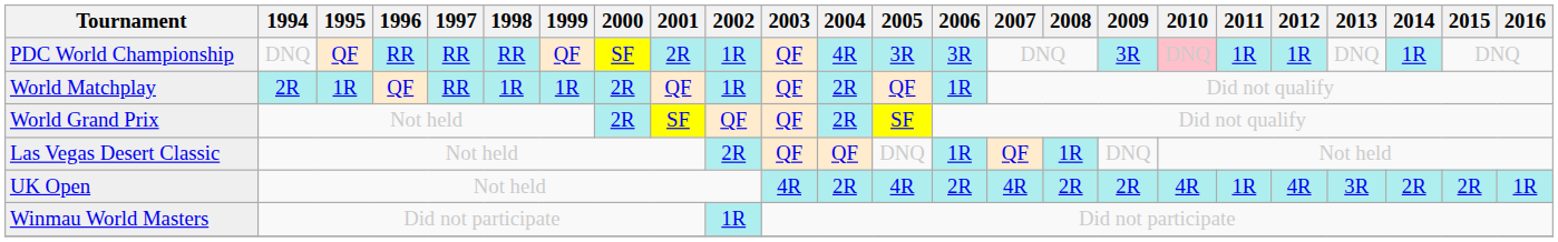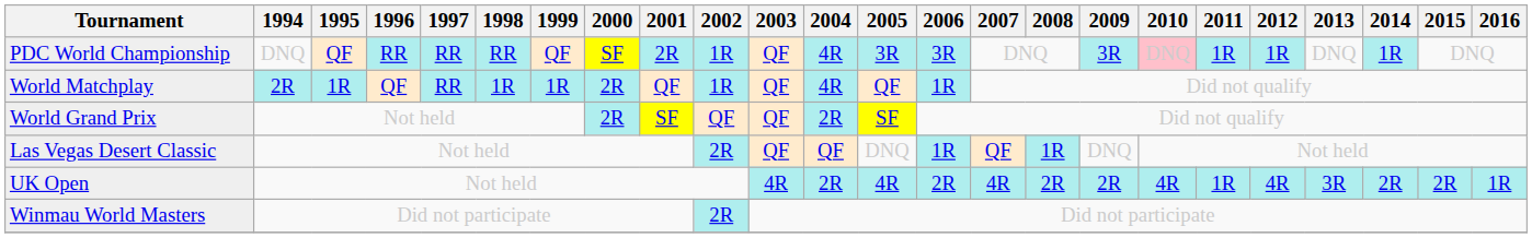 <table class="wikitable" style="width:75%; margin:0">
 <tr>
 <th>Tournament</th>
 <th>1994</th>
 <th>1995</th>
 <th>1996</th>
 <th>1997</th>
 <th>1998</th>
 <th>1999</th>
 <th>2000</th>
 <th>2001</th>
 <th>2002</th>
 <th>2003</th>
 <th>2004</th>
 <th>2005</th>
 <th>2006</th>
 <th>2007</th>
 <th>2008</th>
 <th>2009</th>
 <th>2010</th>
 <th>2011</th>
 <th>2012</th>
 <th>2013</th>
 <th>2014</th>
 <th>2015</th>
 <th>2016</th>
 </tr>
 <tr>
 <td style="background:#efefef;"><a href='#'>PDC World Championship</a></td>
 <td style="text-align:center; color:#ccc;">DNQ</td>
 <td style="text-align:center; background:#ffebcd;"><a href='#'>QF</a></td>
 <td style="text-align:center; background:#afeeee;"><a href='#'>RR</a></td>
 <td style="text-align:center; background:#afeeee;"><a href='#'>RR</a></td>
 <td style="text-align:center; background:#afeeee;"><a href='#'>RR</a></td>
 <td style="text-align:center; background:#ffebcd;"><a href='#'>QF</a></td>
 <td style="text-align:center; background:yellow;"><a href='#'>SF</a></td>
 <td style="text-align:center; background:#afeeee;"><a href='#'>2R</a></td>
 <td style="text-align:center; background:#afeeee;"><a href='#'>1R</a></td>
 <td style="text-align:center; background:#ffebcd;"><a href='#'>QF</a></td>
 <td style="text-align:center; background:#afeeee;"><a href='#'>4R</a></td>
 <td style="text-align:center; background:#afeeee;"><a href='#'>3R</a></td>
 <td style="text-align:center; background:#afeeee;"><a href='#'>3R</a></td>
 <td colspan="2" style="text-align:center; color:#ccc;">DNQ</td>
 <td style="text-align:center; background:#afeeee;"><a href='#'>3R</a></td>
 <td style="background: pink; text-align:center; color:#ccc;">DNQ</td>
 <td style="text-align:center; background:#afeeee;"><a href='#'>1R</a></td>
 <td style="text-align:center; background:#afeeee;"><a href='#'>1R</a></td>
 <td style="text-align:center; color:#ccc;">DNQ</td>
 <td style="text-align:center; background:#afeeee;"><a href='#'>1R</a></td>
 <td colspan="2" style="text-align:center; color:#ccc;">DNQ</td>
 </tr>
 <tr>
 <td style="background:#efefef;"><a href='#'>World Matchplay</a></td>
 <td style="text-align:center; background:#afeeee;"><a href='#'>2R</a></td>
 <td style="text-align:center; background:#afeeee;"><a href='#'>1R</a></td>
 <td style="text-align:center; background:#ffebcd;"><a href='#'>QF</a></td>
 <td style="text-align:center; background:#afeeee;"><a href='#'>RR</a></td>
 <td style="text-align:center; background:#afeeee;"><a href='#'>1R</a></td>
 <td style="text-align:center; background:#afeeee;"><a href='#'>1R</a></td>
 <td style="text-align:center; background:#afeeee;"><a href='#'>2R</a></td>
 <td style="text-align:center; background:#ffebcd;"><a href='#'>QF</a></td>
 <td style="text-align:center; background:#afeeee;"><a href='#'>1R</a></td>
 <td style="text-align:center; background:#ffebcd;"><a href='#'>QF</a></td>
-<td style="text-align:center; background:#afeeee;"><a href='#'>2R</a></td>
+<td style="text-align:center; background:#afeeee;"><a href='#'>4R</a></td>
 <td style="text-align:center; background:#ffebcd;"><a href='#'>QF</a></td>
 <td style="text-align:center; background:#afeeee;"><a href='#'>1R</a></td>
 <td colspan="10" style="text-align:center; color:#ccc;">Did not qualify</td>
 </tr>
 <tr>
 <td style="background:#efefef;"><a href='#'>World Grand Prix</a></td>
 <td colspan="6" style="text-align:center; color:#ccc;">Not held</td>
 <td style="text-align:center; background:#afeeee;"><a href='#'>2R</a></td>
 <td style="text-align:center; background:yellow;"><a href='#'>SF</a></td>
 <td style="text-align:center; background:#ffebcd;"><a href='#'>QF</a></td>
 <td style="text-align:center; background:#ffebcd;"><a href='#'>QF</a></td>
 <td style="text-align:center; background:#afeeee;"><a href='#'>2R</a></td>
 <td style="text-align:center; background:yellow;"><a href='#'>SF</a></td>
 <td colspan="11" style="text-align:center; color:#ccc;">Did not qualify</td>
 </tr>
 <tr>
 <td style="background:#efefef;"><a href='#'>Las Vegas Desert Classic</a></td>
 <td colspan="8" style="text-align:center; color:#ccc;">Not held</td>
 <td style="text-align:center; background:#afeeee;"><a href='#'>2R</a></td>
 <td style="text-align:center; background:#ffebcd;"><a href='#'>QF</a></td>
 <td style="text-align:center; background:#ffebcd;"><a href='#'>QF</a></td>
 <td style="text-align:center; color:#ccc;">DNQ</td>
 <td style="text-align:center; background:#afeeee;"><a href='#'>1R</a></td>
 <td style="text-align:center; background:#ffebcd;"><a href='#'>QF</a></td>
 <td style="text-align:center; background:#afeeee;"><a href='#'>1R</a></td>
 <td style="text-align:center; color:#ccc;">DNQ</td>
 <td colspan="7" style="text-align:center; color:#ccc;">Not held</td>
 </tr>
 <tr>
 <td style="background:#efefef;"><a href='#'>UK Open</a></td>
 <td colspan="9" style="text-align:center; color:#ccc;">Not held</td>
 <td style="text-align:center; background:#afeeee;"><a href='#'>4R</a></td>
 <td style="text-align:center; background:#afeeee;"><a href='#'>2R</a></td>
 <td style="text-align:center; background:#afeeee;"><a href='#'>4R</a></td>
 <td style="text-align:center; background:#afeeee;"><a href='#'>2R</a></td>
 <td style="text-align:center; background:#afeeee;"><a href='#'>4R</a></td>
 <td style="text-align:center; background:#afeeee;"><a href='#'>2R</a></td>
 <td style="text-align:center; background:#afeeee;"><a href='#'>2R</a></td>
 <td style="text-align:center; background:#afeeee;"><a href='#'>4R</a></td>
 <td style="text-align:center; background:#afeeee;"><a href='#'>1R</a></td>
 <td style="text-align:center; background:#afeeee;"><a href='#'>4R</a></td>
 <td style="text-align:center; background:#afeeee;"><a href='#'>3R</a></td>
 <td style="text-align:center; background:#afeeee;"><a href='#'>2R</a></td>
 <td style="text-align:center; background:#afeeee;"><a href='#'>2R</a></td>
 <td style="text-align:center; background:#afeeee;"><a href='#'>1R</a></td>
 </tr>
 <tr>
 <td style="background:#efefef;"><a href='#'>Winmau World Masters</a></td>
 <td colspan="8" style="text-align:center; color:#ccc;">Did not participate</td>
-<td style="text-align:center; background:#afeeee;"><a href='#'>1R</a></td>
+<td style="text-align:center; background:#afeeee;"><a href='#'>2R</a></td>
 <td colspan="14" style="text-align:center; color:#ccc;">Did not participate</td>
 </tr>
 <tr>
 </tr>
 </table>
